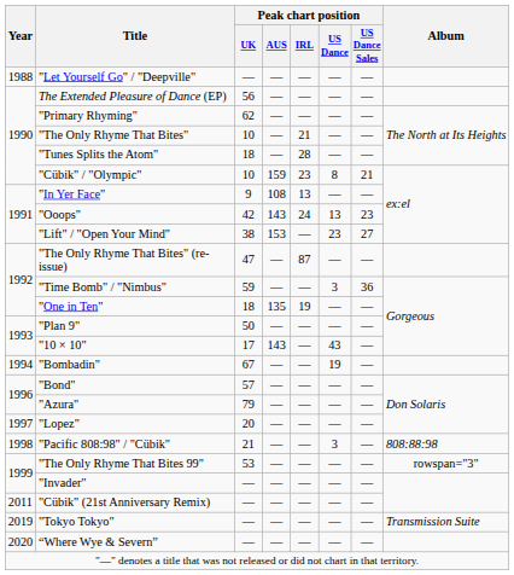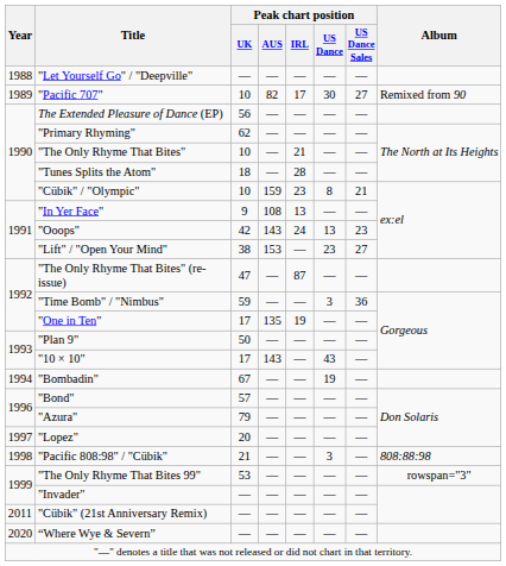 <table class="wikitable" style="text-align:center;">
 <tr>
 <th rowspan="2">Year</th>
 <th rowspan="2" style="width:250px;">Title</th>
 <th colspan="5">Peak chart position</th>
 <th rowspan="2" style="text-align:center;">Album</th>
 </tr>
 <tr style="font-size:smaller;">
 <th width="30"><a href='#'>UK</a><br></th>
 <th width="30"><a href='#'>AUS</a><br></th>
 <th width="30"><a href='#'>IRL</a><br></th>
 <th width="30"><a href='#'>US Dance</a><br></th>
 <th width="30"><a href='#'>US Dance Sales</a><br></th>
 </tr>
 <tr>
 <td>1988</td>
 <td align=left>"<a href='#'>Let Yourself Go</a>" / "Deepville"</td>
 <td>—</td>
 <td>—</td>
 <td>—</td>
 <td>—</td>
 <td>—</td>
 <td></td>
+</tr>
+<tr>
+<td>1989</td>
+<td align=left>"<a href='#'>Pacific 707</a>"</td>
+<td>10</td>
+<td>82</td>
+<td>17</td>
+<td>30</td>
+<td>27</td>
+<td style="text-align:left">Remixed from <em>90</em></td>
 </tr>
 <tr>
 <td rowspan=5>1990</td>
 <td align=left><em>The Extended Pleasure of Dance</em> (EP)</td>
 <td>56</td>
 <td>—</td>
 <td>—</td>
 <td>—</td>
 <td>—</td>
 <td></td>
 </tr>
 <tr>
 <td align=left>"Primary Rhyming"<br></td>
 <td>62</td>
 <td>—</td>
 <td>—</td>
 <td>—</td>
 <td>—</td>
 <td style="text-align:left;" rowspan="3"><em>The North at Its Heights</em> <br></td>
 </tr>
 <tr>
 <td align=left>"The Only Rhyme That Bites"<br></td>
 <td>10</td>
 <td>—</td>
 <td>21</td>
 <td>—</td>
 <td>—</td>
 </tr>
 <tr>
 <td align=left>"Tunes Splits the Atom"<br></td>
 <td>18</td>
 <td>—</td>
 <td>28</td>
 <td>—</td>
 <td>—</td>
 </tr>
 <tr>
 <td align=left>"Cübik" / "Olympic"</td>
 <td>10</td>
 <td>159</td>
 <td>23</td>
 <td>8</td>
 <td>21</td>
 <td style="text-align:left;" rowspan="4"><em>ex:el</em></td>
 </tr>
 <tr>
 <td rowspan=3>1991</td>
 <td align=left>"<a href='#'>In Yer Face</a>"</td>
 <td>9</td>
 <td>108</td>
 <td>13</td>
 <td>—</td>
 <td>—</td>
 </tr>
 <tr>
 <td align=left>"Ooops"<br></td>
 <td>42</td>
 <td>143</td>
 <td>24</td>
 <td>13</td>
 <td>23</td>
 </tr>
 <tr>
 <td align=left>"Lift" / "Open Your Mind"</td>
 <td>38</td>
 <td>153</td>
 <td>—</td>
 <td>23</td>
 <td>27</td>
 </tr>
 <tr>
 <td rowspan=3>1992</td>
 <td align=left>"The Only Rhyme That Bites" (re-issue)<br></td>
 <td>47</td>
 <td>—</td>
 <td>87</td>
 <td>—</td>
 <td>—</td>
 <td></td>
 </tr>
 <tr>
 <td align=left>"Time Bomb" / "Nimbus"</td>
 <td>59</td>
 <td>—</td>
 <td>—</td>
 <td>3</td>
 <td>36</td>
 <td style="text-align:left;" rowspan="4"><em>Gorgeous</em></td>
 </tr>
 <tr>
 <td align=left>"<a href='#'>One in Ten</a>"<br></td>
-<td>18</td>
+<td>17</td>
 <td>135</td>
 <td>19</td>
 <td>—</td>
 <td>—</td>
 </tr>
 <tr>
 <td rowspan=2>1993</td>
 <td align=left>"Plan 9"</td>
 <td>50</td>
 <td>—</td>
 <td>—</td>
 <td>—</td>
 <td>—</td>
 </tr>
 <tr>
 <td align=left>"10 × 10"</td>
 <td>17</td>
 <td>143</td>
 <td>—</td>
 <td>43</td>
 <td>—</td>
 </tr>
 <tr>
 <td>1994</td>
 <td align=left>"Bombadin"</td>
 <td>67</td>
 <td>—</td>
 <td>—</td>
 <td>19</td>
 <td>—</td>
 <td></td>
 </tr>
 <tr>
 <td rowspan=2>1996</td>
 <td align=left>"Bond"</td>
 <td>57</td>
 <td>—</td>
 <td>—</td>
 <td>—</td>
 <td>—</td>
 <td style="text-align:left;" rowspan="3"><em>Don Solaris</em></td>
 </tr>
 <tr>
 <td align=left>"Azura"</td>
 <td>79</td>
 <td>—</td>
 <td>—</td>
 <td>—</td>
 <td>—</td>
 </tr>
 <tr>
 <td>1997</td>
 <td align=left>"Lopez"<br></td>
 <td>20</td>
 <td>—</td>
 <td>—</td>
 <td>—</td>
 <td>—</td>
 </tr>
 <tr>
 <td>1998</td>
 <td align=left>"Pacific 808:98" / "Cübik" </td>
 <td>21</td>
 <td>—</td>
 <td>—</td>
 <td>3</td>
 <td>—</td>
 <td align=left><em>808:88:98</em></td>
 </tr>
 <tr>
 <td rowspan=2>1999</td>
 <td align=left>"The Only Rhyme That Bites 99"<br></td>
 <td>53</td>
 <td>—</td>
 <td>—</td>
 <td>—</td>
 <td>—</td>
 <td>rowspan="3" </td>
 </tr>
 <tr>
 <td align=left>"Invader"</td>
 <td>—</td>
 <td>—</td>
 <td>—</td>
 <td>—</td>
 <td>—</td>
 </tr>
 <tr>
 <td>2011</td>
 <td align=left>"Cübik" (21st Anniversary Remix)</td>
 <td>—</td>
 <td>—</td>
 <td>—</td>
 <td>—</td>
 <td>—</td>
 </tr>
 <tr>
-<td>2019</td>
-<td align=left>"Tokyo Tokyo"</td>
-<td>—</td>
-<td>—</td>
-<td>—</td>
-<td>—</td>
-<td>—</td>
-<td align=left><em>Transmission Suite</em></td>
-</tr>
-<tr>
 <td>2020</td>
 <td align=left>“Where Wye & Severn”</td>
 <td>—</td>
 <td>—</td>
 <td>—</td>
 <td>—</td>
 <td>—</td>
 <td></td>
 </tr>
 <tr>
 <td colspan="8" style="font-size:90%">"—" denotes a title that was not released or did not chart in that territory.</td>
 </tr>
 </table>
